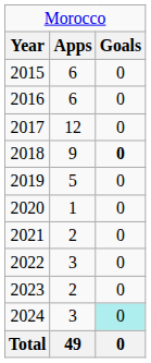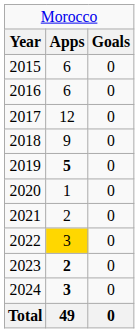 <table class="wikitable" style="text-align:center">
 <tr>
 <td colspan="3"><a href='#'>Morocco</a></td>
 </tr>
 <tr>
 <th>Year</th>
 <th>Apps</th>
 <th>Goals</th>
 </tr>
 <tr>
 <td>2015</td>
 <td>6</td>
 <td>0</td>
 </tr>
 <tr>
 <td>2016</td>
 <td>6</td>
 <td>0</td>
 </tr>
 <tr>
 <td>2017</td>
 <td>12</td>
 <td>0</td>
 </tr>
 <tr>
 <td>2018</td>
 <td>9</td>
-<td><strong>0</strong></td>
+<td>0</td>
 </tr>
 <tr>
 <td>2019</td>
-<td>5</td>
+<td><strong>5</strong></td>
 <td>0</td>
 </tr>
 <tr>
 <td>2020</td>
 <td>1</td>
 <td>0</td>
 </tr>
 <tr>
 <td>2021</td>
 <td>2</td>
 <td>0</td>
 </tr>
 <tr>
 <td>2022</td>
-<td>3</td>
+<td style="background: gold;">3</td>
 <td>0</td>
 </tr>
 <tr>
 <td>2023</td>
-<td>2</td>
+<td><strong>2</strong></td>
 <td>0</td>
 </tr>
 <tr>
 <td>2024</td>
-<td>3</td>
-<td style="background: paleturquoise;">0</td>
+<td><strong>3</strong></td>
+<td>0</td>
 </tr>
 <tr>
 <th>Total</th>
 <th>49</th>
 <th>0</th>
 </tr>
 </table>
